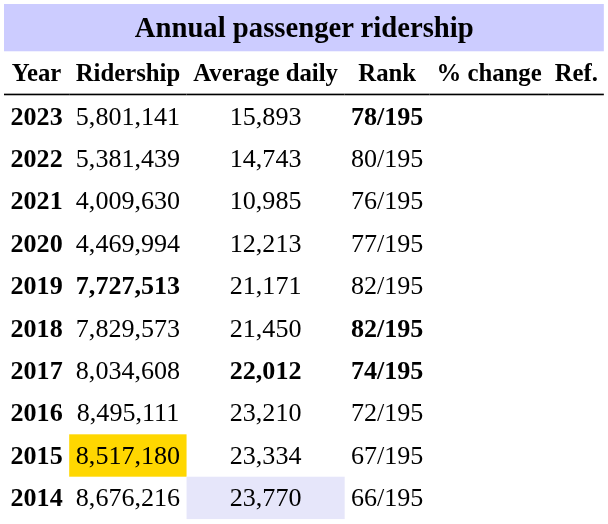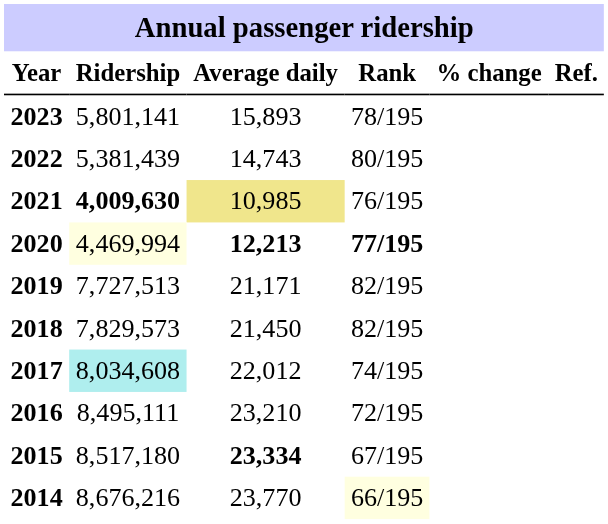 <table class="toccolours" cellpadding="4" cellspacing="0" style="text-align:right;">
 <tr>
 <th colspan="6"  style="background-color:#ccf; background-color:#ccf; font-size:110%; text-align:center;">Annual passenger ridership</th>
 </tr>
 <tr style="font-size:95%; text-align:center">
 <th style="border-bottom:1px solid black">Year</th>
 <th style="border-bottom:1px solid black">Ridership</th>
 <th style="border-bottom:1px solid black">Average daily</th>
 <th style="border-bottom:1px solid black">Rank</th>
 <th style="border-bottom:1px solid black">% change</th>
 <th style="border-bottom:1px solid black">Ref.</th>
 </tr>
 <tr style="text-align:center;">
 <td><strong>2023</strong></td>
 <td>5,801,141</td>
 <td>15,893</td>
-<td><strong>78/195</strong></td>
+<td>78/195</td>
 <td></td>
 <td></td>
 </tr>
 <tr style="text-align:center;">
 <td><strong>2022</strong></td>
 <td>5,381,439</td>
 <td>14,743</td>
 <td>80/195</td>
 <td></td>
 <td></td>
 </tr>
 <tr style="text-align:center;">
 <td><strong>2021</strong></td>
-<td>4,009,630</td>
-<td>10,985</td>
+<td><strong>4,009,630</strong></td>
+<td style="background: khaki;">10,985</td>
 <td>76/195</td>
 <td></td>
 <td></td>
 </tr>
 <tr style="text-align:center;">
 <td><strong>2020</strong></td>
-<td>4,469,994</td>
-<td>12,213</td>
-<td>77/195</td>
+<td style="background: lightyellow;">4,469,994</td>
+<td><strong>12,213</strong></td>
+<td><strong>77/195</strong></td>
 <td></td>
 <td></td>
 </tr>
 <tr style="text-align:center;">
 <td><strong>2019</strong></td>
-<td><strong>7,727,513</strong></td>
+<td>7,727,513</td>
 <td>21,171</td>
 <td>82/195</td>
 <td></td>
 <td></td>
 </tr>
 <tr style="text-align:center;">
 <td><strong>2018</strong></td>
 <td>7,829,573</td>
 <td>21,450</td>
-<td><strong>82/195</strong></td>
+<td>82/195</td>
 <td></td>
 <td></td>
 </tr>
 <tr style="text-align:center;">
 <td><strong>2017</strong></td>
-<td>8,034,608</td>
-<td><strong>22,012</strong></td>
-<td><strong>74/195</strong></td>
+<td style="background: paleturquoise;">8,034,608</td>
+<td>22,012</td>
+<td>74/195</td>
 <td></td>
 <td></td>
 </tr>
 <tr style="text-align:center;">
 <td><strong>2016</strong></td>
 <td>8,495,111</td>
 <td>23,210</td>
 <td>72/195</td>
 <td></td>
 <td></td>
 </tr>
 <tr style="text-align:center;">
 <td><strong>2015</strong></td>
-<td style="background: gold;">8,517,180</td>
-<td>23,334</td>
+<td>8,517,180</td>
+<td><strong>23,334</strong></td>
 <td>67/195</td>
 <td></td>
 <td></td>
 </tr>
 <tr style="text-align:center;">
 <td><strong>2014</strong></td>
 <td>8,676,216</td>
-<td style="background: lavender;">23,770</td>
-<td>66/195</td>
+<td>23,770</td>
+<td style="background: lightyellow;">66/195</td>
 <td></td>
 <td></td>
 </tr>
 </table>
